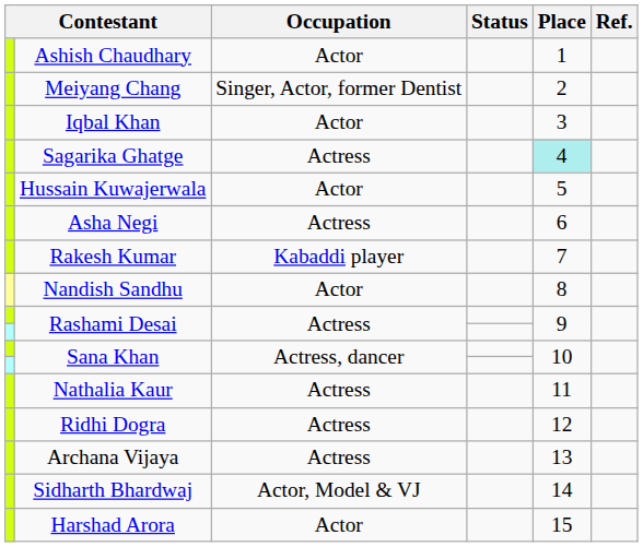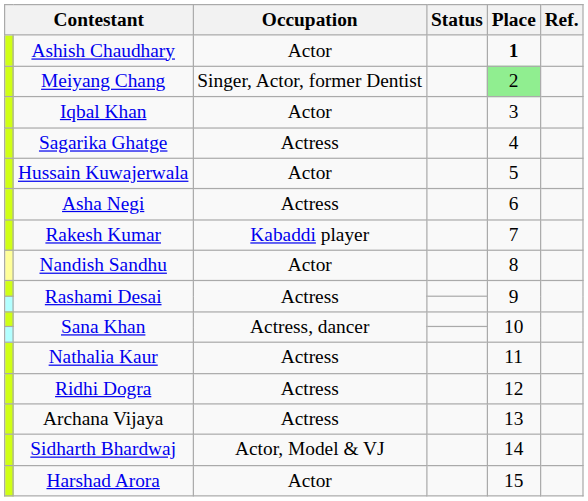 <table class="wikitable sortable" style="text-align:center;">
 <tr>
 <th colspan="2">Contestant</th>
 <th>Occupation</th>
 <th>Status</th>
 <th>Place</th>
 <th>Ref.</th>
 </tr>
 <tr>
 <td style="background:#D0FF14;"></td>
 <td><a href='#'>Ashish Chaudhary</a></td>
 <td>Actor</td>
 <td></td>
-<td>1</td>
+<td><strong>1</strong></td>
 <td></td>
 </tr>
 <tr>
 <td style="background:#D0FF14;"></td>
 <td><a href='#'>Meiyang Chang</a></td>
 <td>Singer, Actor, former Dentist</td>
 <td></td>
-<td>2</td>
+<td style="background: lightgreen;">2</td>
 <td></td>
 </tr>
 <tr>
 <td style="background:#D0FF14;"></td>
 <td><a href='#'>Iqbal Khan</a></td>
 <td>Actor</td>
 <td></td>
 <td>3</td>
 <td></td>
 </tr>
 <tr>
 <td style="background:#D0FF14;"></td>
 <td><a href='#'>Sagarika Ghatge</a></td>
 <td>Actress</td>
 <td></td>
-<td style="background: paleturquoise;">4</td>
+<td>4</td>
 <td></td>
 </tr>
 <tr>
 <td style="background:#D0FF14;"></td>
 <td><a href='#'>Hussain Kuwajerwala</a></td>
 <td>Actor</td>
 <td></td>
 <td>5</td>
 <td></td>
 </tr>
 <tr>
 <td style="background:#D0FF14;"></td>
 <td><a href='#'>Asha Negi</a></td>
 <td>Actress</td>
 <td></td>
 <td>6</td>
 <td></td>
 </tr>
 <tr>
 <td style="background:#D0FF14;"></td>
 <td><a href='#'>Rakesh Kumar</a></td>
 <td><a href='#'>Kabaddi</a> player</td>
 <td></td>
 <td>7</td>
 <td></td>
 </tr>
 <tr>
 <td style="background:#FFFF99;"></td>
 <td><a href='#'>Nandish Sandhu</a></td>
 <td>Actor</td>
 <td></td>
 <td>8</td>
 <td></td>
 </tr>
 <tr>
 <td style="background:#D0FF14;"></td>
 <td rowspan="2"><a href='#'>Rashami Desai</a></td>
 <td rowspan="2">Actress</td>
 <td></td>
 <td rowspan="2">9</td>
 <td rowspan="2"></td>
 </tr>
 <tr>
 <td style="background:#B2FFFF;"></td>
 <td></td>
 </tr>
 <tr>
 <td style="background:#D0FF14;"></td>
 <td rowspan="2"><a href='#'>Sana Khan</a></td>
 <td rowspan="2">Actress, dancer</td>
 <td></td>
 <td rowspan="2">10</td>
 <td rowspan="2"></td>
 </tr>
 <tr>
 <td style="background:#B2FFFF;"></td>
 <td></td>
 </tr>
 <tr>
 <td style="background:#D0FF14;"></td>
 <td><a href='#'>Nathalia Kaur</a></td>
 <td>Actress</td>
 <td></td>
 <td>11</td>
 <td></td>
 </tr>
 <tr>
 <td style="background:#D0FF14;"></td>
 <td><a href='#'>Ridhi Dogra</a></td>
 <td>Actress</td>
 <td></td>
 <td>12</td>
 <td></td>
 </tr>
 <tr>
 <td style="background:#D0FF14;"></td>
 <td>Archana Vijaya</td>
 <td>Actress</td>
 <td></td>
 <td>13</td>
 <td></td>
 </tr>
 <tr>
 <td style="background:#D0FF14;"></td>
 <td><a href='#'>Sidharth Bhardwaj</a></td>
 <td>Actor, Model & VJ</td>
 <td></td>
 <td>14</td>
 <td></td>
 </tr>
 <tr>
 <td style="background:#D0FF14;"></td>
 <td><a href='#'>Harshad Arora</a></td>
 <td>Actor</td>
 <td></td>
 <td>15</td>
 <td></td>
 </tr>
 </table>
